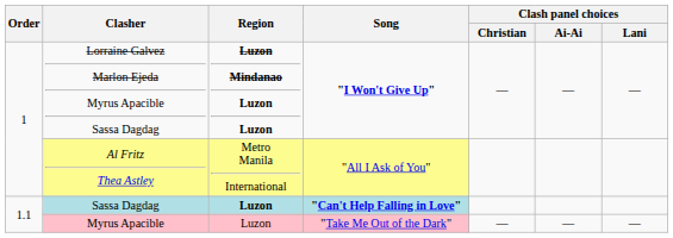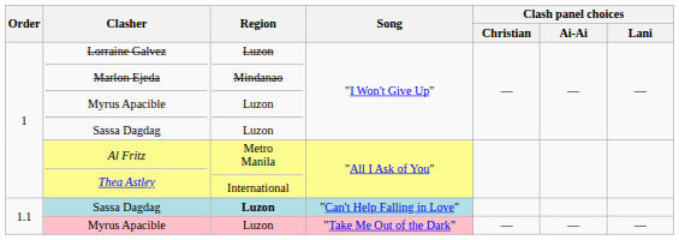 <table class="wikitable" style="text-align:center; line-height:17px; width:100%;">
 <tr>
 <th rowspan="2" width="5%">Order</th>
 <th rowspan="2" width="25%">Clasher</th>
 <th rowspan="2">Region</th>
 <th rowspan="2" width="25%">Song</th>
 <th colspan="3" width="30%">Clash panel choices</th>
 </tr>
 <tr>
 <th width="10%">Christian</th>
 <th width="10%">Ai-Ai</th>
 <th width="10%">Lani</th>
 </tr>
 <tr>
 <td rowspan="2">1</td>
 <td><s>Lorraine Galvez</s><hr><s>Marlon Ejeda</s><hr>Myrus Apacible<hr>Sassa Dagdag</td>
-<td><strong><s>Luzon</s><hr><s>Mindanao</s><hr>Luzon<hr>Luzon</strong></td>
-<td><strong>"<a href='#'>I Won't Give Up</a>"</strong></td>
+<td><s>Luzon</s><hr><s>Mindanao</s><hr>Luzon<hr>Luzon</td>
+<td>"<a href='#'>I Won't Give Up</a>"</td>
 <td>—</td>
 <td>—</td>
 <td>—</td>
 </tr>
 <tr>
 <td style="background:#fdfc8f;"><em>Al Fritz</em><hr><em><a href='#'>Thea Astley</a></em></td>
 <td style="background:#fdfc8f;">Metro<br>Manila<hr>International</td>
 <td style="background:#fdfc8f;">"<a href='#'>All I Ask of You</a>"</td>
 <td><strong></strong></td>
 <td><strong></strong></td>
 <td><strong></strong></td>
 </tr>
 <tr>
 <td rowspan="2">1.1</td>
 <td style="background:#b0e0e6;">Sassa Dagdag</td>
 <td style="background:#b0e0e6;"><strong>Luzon</strong></td>
-<td style="background:#b0e0e6;"><strong>"<a href='#'>Can't Help Falling in Love</a>"</strong></td>
+<td style="background:#b0e0e6;">"<a href='#'>Can't Help Falling in Love</a>"</td>
 <td><strong></strong></td>
 <td><strong></strong></td>
 <td><strong></strong></td>
 </tr>
 <tr>
 <td style="background:pink;">Myrus Apacible</td>
 <td style="background:pink;">Luzon</td>
 <td style="background:pink;">"<a href='#'>Take Me Out of the Dark</a>"</td>
 <td>—</td>
 <td>—</td>
 <td>—</td>
 </tr>
 </table>
